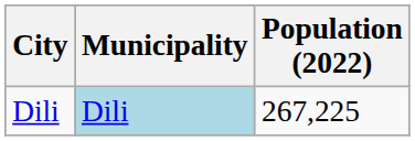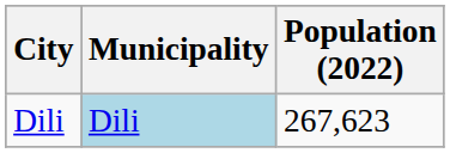 <table class="wikitable sortable sticky-header col3right">
 <tr>
 <th>City</th>
 <th>Municipality</th>
 <th>Population<br>(2022)</th>
 </tr>
 <tr>
 <td><a href='#'>Dili</a></td>
 <td style="background: lightblue;"><a href='#'>Dili</a></td>
-<td>267,225</td>
+<td>267,623</td>
 </tr>
 </table>
